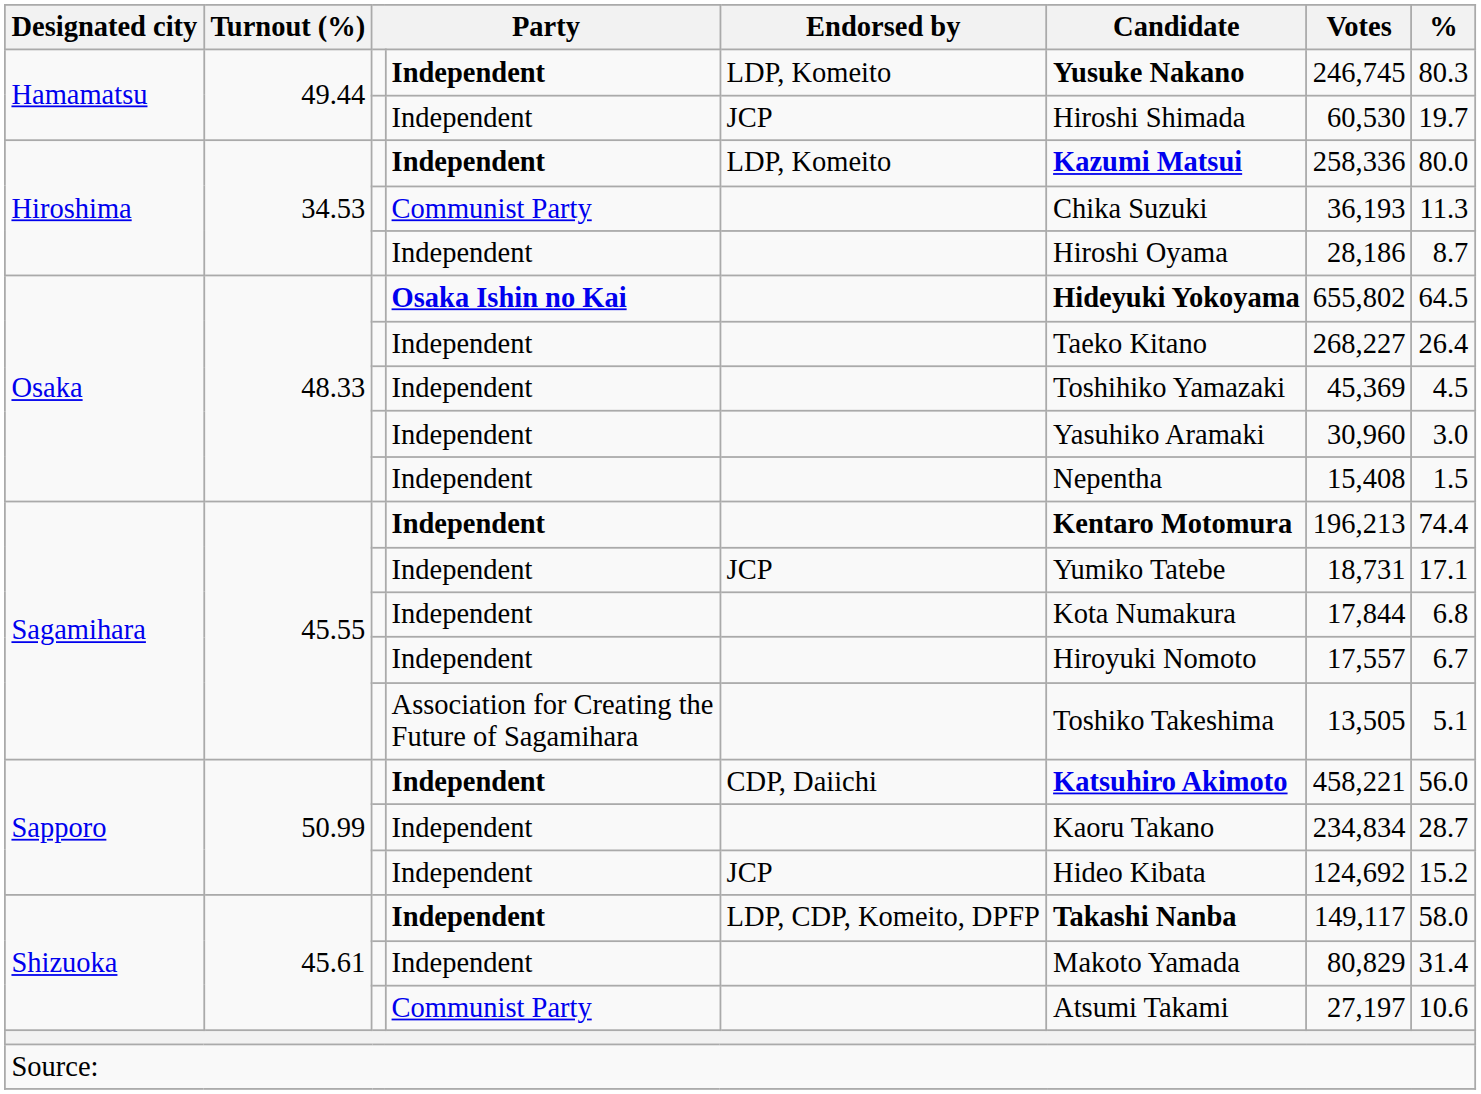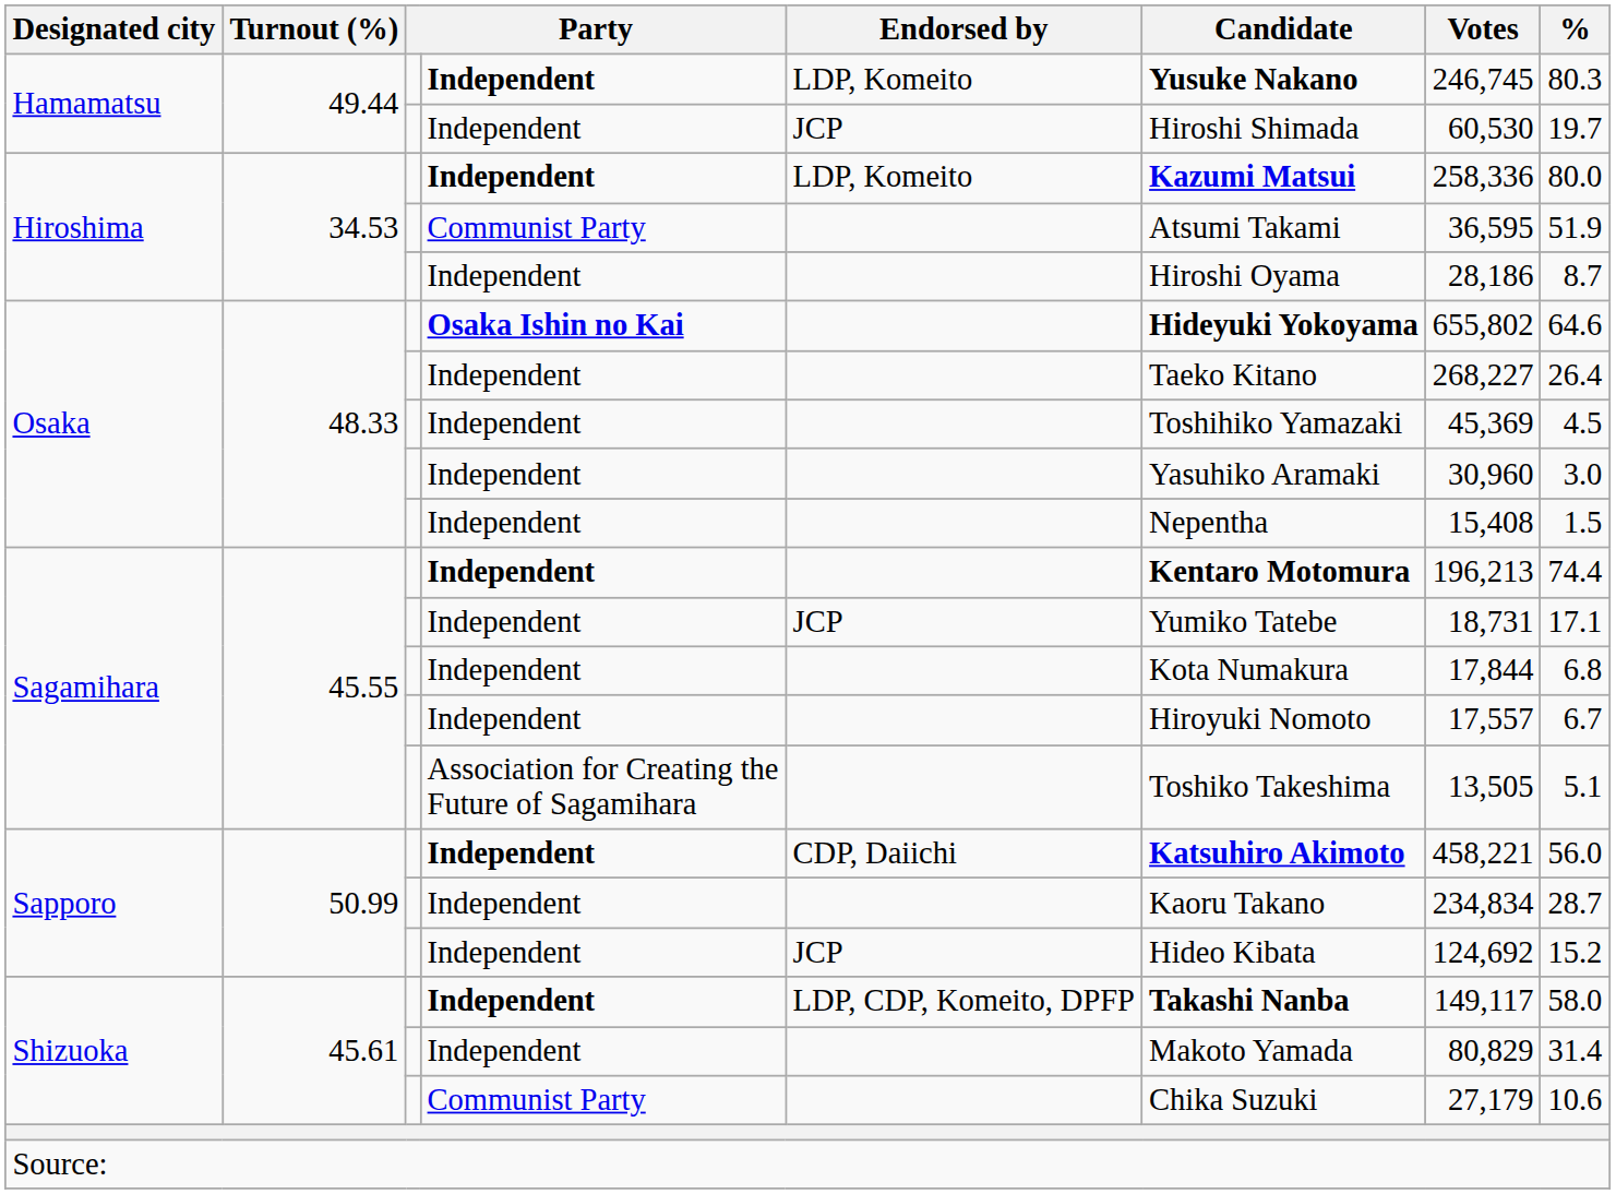 <table class="wikitable">
 <tr>
 <th>Designated city</th>
 <th>Turnout (%)</th>
 <th colspan="2">Party</th>
 <th>Endorsed by</th>
 <th>Candidate</th>
 <th>Votes</th>
 <th>%</th>
 </tr>
 <tr>
 <td rowspan="2"><a href='#'>Hamamatsu</a></td>
 <td rowspan="2" align="right">49.44</td>
 <td></td>
 <td><strong>Independent</strong></td>
 <td>LDP, Komeito</td>
 <td><strong>Yusuke Nakano</strong></td>
 <td align="right">246,745</td>
 <td align="right">80.3</td>
 </tr>
 <tr>
 <td></td>
 <td>Independent</td>
 <td>JCP</td>
 <td>Hiroshi Shimada</td>
 <td align="right">60,530</td>
 <td align="right">19.7</td>
 </tr>
 <tr>
 <td rowspan="3"><a href='#'>Hiroshima</a></td>
 <td rowspan="3" align="right">34.53</td>
 <td></td>
 <td><strong>Independent</strong></td>
 <td>LDP, Komeito</td>
 <td><strong><a href='#'>Kazumi Matsui</a></strong></td>
 <td align="right">258,336</td>
 <td align="right">80.0</td>
 </tr>
 <tr>
 <td></td>
 <td><a href='#'>Communist Party</a></td>
 <td></td>
-<td>Chika Suzuki</td>
-<td align="right">36,193</td>
-<td align="right">11.3</td>
+<td>Atsumi Takami</td>
+<td align="right">36,595</td>
+<td align="right">51.9</td>
 </tr>
 <tr>
 <td></td>
 <td>Independent</td>
 <td></td>
 <td>Hiroshi Oyama</td>
 <td align="right">28,186</td>
 <td align="right">8.7</td>
 </tr>
 <tr>
 <td rowspan="5"><a href='#'>Osaka</a></td>
 <td rowspan="5" align="right">48.33</td>
 <td></td>
 <td><strong><a href='#'>Osaka Ishin no Kai</a></strong></td>
 <td></td>
 <td><strong>Hideyuki Yokoyama</strong></td>
 <td align="right">655,802</td>
-<td align="right">64.5</td>
+<td align="right">64.6</td>
 </tr>
 <tr>
 <td></td>
 <td>Independent</td>
 <td></td>
 <td>Taeko Kitano</td>
 <td align="right">268,227</td>
 <td align="right">26.4</td>
 </tr>
 <tr>
 <td></td>
 <td>Independent</td>
 <td></td>
 <td>Toshihiko Yamazaki</td>
 <td align="right">45,369</td>
 <td align="right">4.5</td>
 </tr>
 <tr>
 <td></td>
 <td>Independent</td>
 <td></td>
 <td>Yasuhiko Aramaki</td>
 <td align="right">30,960</td>
 <td align="right">3.0</td>
 </tr>
 <tr>
 <td></td>
 <td>Independent</td>
 <td></td>
 <td>Nepentha</td>
 <td align="right">15,408</td>
 <td align="right">1.5</td>
 </tr>
 <tr>
 <td rowspan="5"><a href='#'>Sagamihara</a></td>
 <td rowspan="5" align="right">45.55</td>
 <td></td>
 <td><strong>Independent</strong></td>
 <td></td>
 <td><strong>Kentaro Motomura</strong></td>
 <td align="right">196,213</td>
 <td align="right">74.4</td>
 </tr>
 <tr>
 <td></td>
 <td>Independent</td>
 <td>JCP</td>
 <td>Yumiko Tatebe</td>
 <td align="right">18,731</td>
 <td align="right">17.1</td>
 </tr>
 <tr>
 <td></td>
 <td>Independent</td>
 <td></td>
 <td>Kota Numakura</td>
 <td align="right">17,844</td>
 <td align="right">6.8</td>
 </tr>
 <tr>
 <td></td>
 <td>Independent</td>
 <td></td>
 <td>Hiroyuki Nomoto</td>
 <td align="right">17,557</td>
 <td align="right">6.7</td>
 </tr>
 <tr>
 <td></td>
 <td>Association for Creating the<br>Future of Sagamihara</td>
 <td></td>
 <td>Toshiko Takeshima</td>
 <td align="right">13,505</td>
 <td align="right">5.1</td>
 </tr>
 <tr>
 <td rowspan="3"><a href='#'>Sapporo</a></td>
 <td rowspan="3" align="right">50.99</td>
 <td></td>
 <td><strong>Independent</strong></td>
 <td>CDP, Daiichi</td>
 <td><strong><a href='#'>Katsuhiro Akimoto</a></strong></td>
 <td align="right">458,221</td>
 <td align="right">56.0</td>
 </tr>
 <tr>
 <td></td>
 <td>Independent</td>
 <td></td>
 <td>Kaoru Takano</td>
 <td align="right">234,834</td>
 <td align="right">28.7</td>
 </tr>
 <tr>
 <td></td>
 <td>Independent</td>
 <td>JCP</td>
 <td>Hideo Kibata</td>
 <td>124,692</td>
 <td>15.2</td>
 </tr>
 <tr>
 <td rowspan="3"><a href='#'>Shizuoka</a></td>
 <td rowspan="3" align="right">45.61</td>
 <td></td>
 <td><strong>Independent</strong></td>
 <td>LDP, CDP, Komeito, DPFP</td>
 <td><strong>Takashi Nanba</strong></td>
 <td align="right">149,117</td>
 <td align="right">58.0</td>
 </tr>
 <tr>
 <td></td>
 <td>Independent</td>
 <td></td>
 <td>Makoto Yamada</td>
 <td align="right">80,829</td>
 <td align="right">31.4</td>
 </tr>
 <tr>
 <td></td>
 <td><a href='#'>Communist Party</a></td>
 <td></td>
-<td>Atsumi Takami</td>
-<td align="right">27,197</td>
+<td>Chika Suzuki</td>
+<td align="right">27,179</td>
 <td align="right">10.6</td>
 </tr>
 <tr>
 <th colspan="8"></th>
 </tr>
 <tr>
 <td colspan="8">Source: </td>
 </tr>
 </table>
